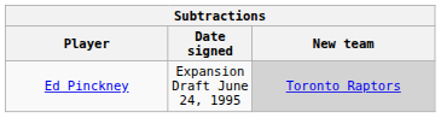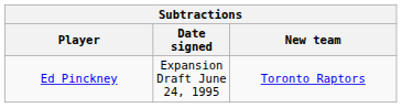 <table class="wikitable" style="text-align:center">
 <tr>
 <th colspan=3>Subtractions</th>
 </tr>
 <tr>
 <th style="width:160px">Player</th>
 <th style="width:80px">Date signed</th>
 <th style="width:180px">New team</th>
 </tr>
 <tr>
 <td><a href='#'>Ed Pinckney</a></td>
 <td>Expansion Draft June 24, 1995</td>
-<td style="background: lightgrey;"><a href='#'>Toronto Raptors</a></td>
+<td><a href='#'>Toronto Raptors</a></td>
 </tr>
 </table>
